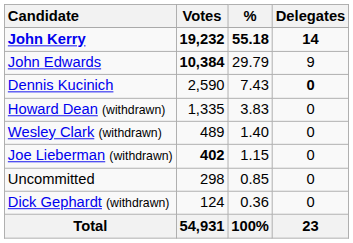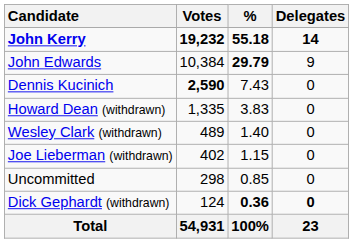 <table class="wikitable sortable plainrowheaders" style="text-align:right;">
 <tr>
 <th style="text-align:left;">Candidate</th>
 <th>Votes</th>
 <th>%</th>
 <th>Delegates</th>
 </tr>
 <tr>
 </tr>
 <tr>
 <td style="text-align:left;"><strong><a href='#'>John Kerry</a></strong></td>
 <td><strong>19,232</strong></td>
 <td><strong>55.18</strong></td>
 <td style="text-align:center;"><strong>14</strong></td>
 </tr>
 <tr>
 <td style="text-align:left;"><a href='#'>John Edwards</a></td>
-<td><strong>10,384</strong></td>
-<td>29.79</td>
+<td>10,384</td>
+<td><strong>29.79</strong></td>
 <td style="text-align:center;">9</td>
 </tr>
 <tr>
 <td style="text-align:left;"><a href='#'>Dennis Kucinich</a></td>
-<td>2,590</td>
+<td><strong>2,590</strong></td>
 <td>7.43</td>
-<td style="text-align:center;"><strong>0</strong></td>
+<td style="text-align:center;">0</td>
 </tr>
 <tr>
 <td style="text-align:left;"><a href='#'>Howard Dean</a> <small>(withdrawn)</small></td>
 <td>1,335</td>
 <td>3.83</td>
 <td style="text-align:center;">0</td>
 </tr>
 <tr>
 <td style="text-align:left;"><a href='#'>Wesley Clark</a> <small>(withdrawn)</small></td>
 <td>489</td>
 <td>1.40</td>
 <td style="text-align:center;">0</td>
 </tr>
 <tr>
 <td style="text-align:left;"><a href='#'>Joe Lieberman</a> <small>(withdrawn)</small></td>
-<td><strong>402</strong></td>
+<td>402</td>
 <td>1.15</td>
 <td style="text-align:center;">0</td>
 </tr>
 <tr>
 <td style="text-align:left;">Uncommitted</td>
 <td>298</td>
 <td>0.85</td>
 <td style="text-align:center;">0</td>
 </tr>
 <tr>
 <td style="text-align:left;"><a href='#'>Dick Gephardt</a> <small>(withdrawn)</small></td>
 <td>124</td>
-<td>0.36</td>
-<td style="text-align:center;">0</td>
+<td><strong>0.36</strong></td>
+<td style="text-align:center;"><strong>0</strong></td>
 </tr>
 <tr class="sortbottom">
 <th>Total</th>
 <th>54,931</th>
 <th>100%</th>
 <th>23</th>
 </tr>
 </table>
